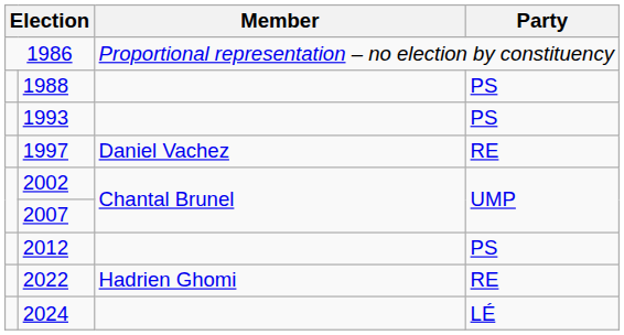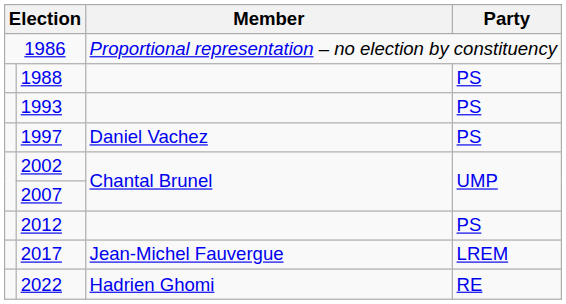 <table class="wikitable">
 <tr>
 <th colspan="2">Election</th>
 <th>Member</th>
 <th>Party</th>
 </tr>
 <tr>
 <td colspan="2" align="center"><a href='#'>1986</a></td>
 <td colspan="2"><em><a href='#'>Proportional representation</a> – no election by constituency</em></td>
 </tr>
 <tr>
 <td style="color:inherit;background-color: "></td>
 <td><a href='#'>1988</a></td>
 <td></td>
 <td><a href='#'>PS</a></td>
 </tr>
 <tr>
 <td style="color:inherit;background-color: "></td>
 <td><a href='#'>1993</a></td>
 <td></td>
 <td><a href='#'>PS</a></td>
 </tr>
 <tr>
 <td style="color:inherit;background-color: "></td>
 <td><a href='#'>1997</a></td>
 <td><a href='#'>Daniel Vachez</a></td>
-<td><a href='#'>RE</a></td>
+<td><a href='#'>PS</a></td>
 </tr>
 <tr>
 <td rowspan="2" style="color:inherit;background-color: "></td>
 <td><a href='#'>2002</a></td>
 <td rowspan="2"><a href='#'>Chantal Brunel</a></td>
 <td rowspan="2"><a href='#'>UMP</a></td>
 </tr>
 <tr>
 <td><a href='#'>2007</a></td>
 </tr>
 <tr>
 <td style="color:inherit;background-color: "></td>
 <td><a href='#'>2012</a></td>
 <td></td>
 <td><a href='#'>PS</a></td>
 </tr>
 <tr>
 <td style="color:inherit;background-color: "></td>
+<td><a href='#'>2017</a></td>
+<td><a href='#'>Jean-Michel Fauvergue</a></td>
+<td><a href='#'>LREM</a></td>
+</tr>
+<tr>
+<td style="color:inherit;background-color: "></td>
 <td><a href='#'>2022</a></td>
 <td><a href='#'>Hadrien Ghomi</a></td>
 <td><a href='#'>RE</a></td>
 </tr>
-<tr>
-<td style="color:inherit;background:"></td>
-<td><a href='#'>2024</a></td>
-<td></td>
-<td><a href='#'>LÉ</a></td>
-</tr>
 </table>
